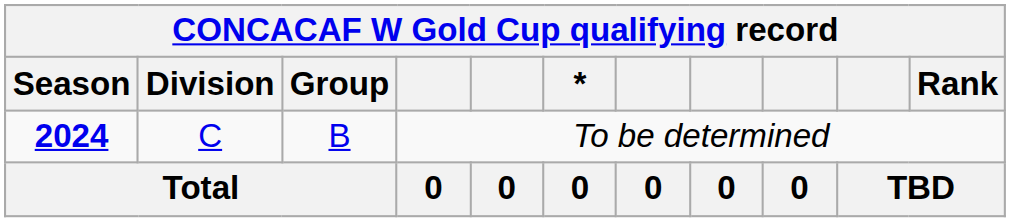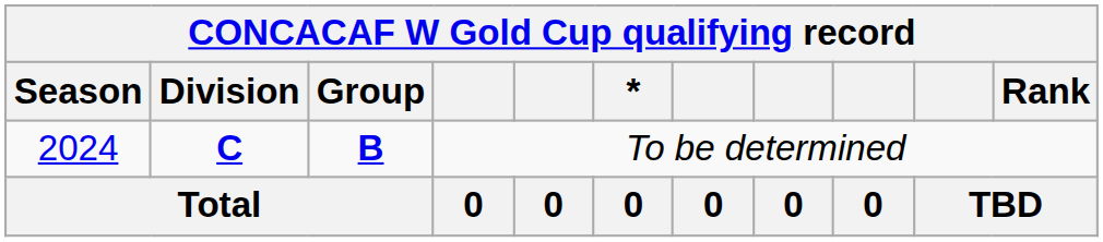 <table class="wikitable" style="text-align: center;">
 <tr>
 <th colspan=11><a href='#'>CONCACAF W Gold Cup qualifying</a> record</th>
 </tr>
 <tr>
 <th>Season</th>
 <th>Division</th>
 <th>Group</th>
 <th width=28></th>
 <th width=28></th>
 <th width=28>*</th>
 <th width=28></th>
 <th width=28></th>
 <th width=28></th>
 <th width=28></th>
 <th>Rank</th>
 </tr>
 <tr>
-<td><strong> <a href='#'>2024</a></strong></td>
-<td><a href='#'>C</a></td>
-<td><a href='#'>B</a></td>
+<td> <a href='#'>2024</a></td>
+<td><strong><a href='#'>C</a></strong></td>
+<td><strong><a href='#'>B</a></strong></td>
 <td colspan=8><em>To be determined</em></td>
 </tr>
 <tr>
 <th colspan=3>Total</th>
 <th>0</th>
 <th>0</th>
 <th>0</th>
 <th>0</th>
 <th>0</th>
 <th>0</th>
 <th colspan=2>TBD</th>
 </tr>
 </table>
